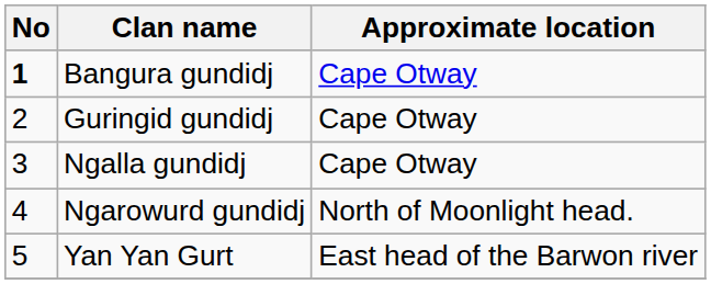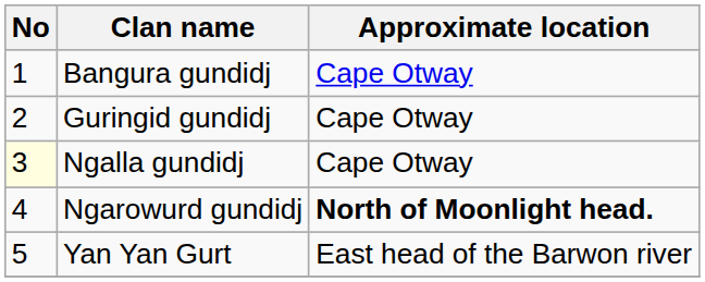 <table class="wikitable">
 <tr>
 <th>No</th>
 <th>Clan name</th>
 <th>Approximate location</th>
 </tr>
 <tr>
-<td><strong>1</strong></td>
+<td>1</td>
 <td>Bangura gundidj</td>
 <td><a href='#'>Cape Otway</a></td>
 </tr>
 <tr>
 <td>2</td>
 <td>Guringid gundidj</td>
 <td>Cape Otway</td>
 </tr>
 <tr>
-<td>3</td>
+<td style="background: lightyellow;">3</td>
 <td>Ngalla gundidj</td>
 <td>Cape Otway</td>
 </tr>
 <tr>
 <td>4</td>
 <td>Ngarowurd gundidj</td>
-<td>North of Moonlight head.</td>
+<td><strong>North of Moonlight head.</strong></td>
 </tr>
 <tr>
 <td>5</td>
 <td>Yan Yan Gurt</td>
 <td>East head of the Barwon river</td>
 </tr>
 <tr>
 </tr>
 </table>
